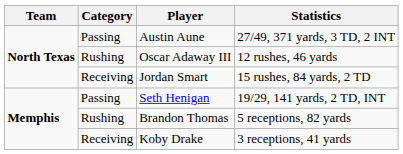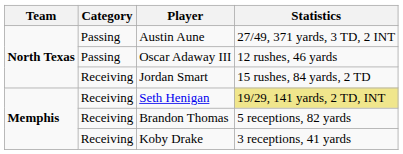 <table class="wikitable" style="float: left;">
 <tr>
 <th>Team</th>
 <th>Category</th>
 <th>Player</th>
 <th>Statistics</th>
 </tr>
 <tr>
 <td rowspan=3><strong>North Texas</strong></td>
 <td>Passing</td>
 <td>Austin Aune</td>
 <td>27/49, 371 yards, 3 TD, 2 INT</td>
 </tr>
 <tr>
-<td>Rushing</td>
+<td>Passing</td>
 <td>Oscar Adaway III</td>
 <td>12 rushes, 46 yards</td>
 </tr>
 <tr>
 <td>Receiving</td>
 <td>Jordan Smart</td>
 <td>15 rushes, 84 yards, 2 TD</td>
 </tr>
 <tr>
 <td rowspan=3><strong>Memphis</strong></td>
-<td>Passing</td>
+<td>Receiving</td>
 <td><a href='#'>Seth Henigan</a></td>
-<td>19/29, 141 yards, 2 TD, INT</td>
+<td style="background: khaki;">19/29, 141 yards, 2 TD, INT</td>
 </tr>
 <tr>
-<td>Rushing</td>
+<td>Receiving</td>
 <td>Brandon Thomas</td>
 <td>5 receptions, 82 yards</td>
 </tr>
 <tr>
 <td>Receiving</td>
 <td>Koby Drake</td>
 <td>3 receptions, 41 yards</td>
 </tr>
 </table>
